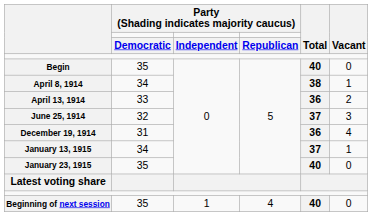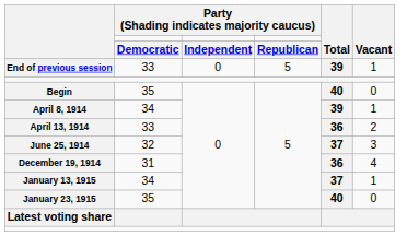 <table class=wikitable style="text-align:center">
 <tr style="vertical-align:bottom;">
 <th rowspan=3></th>
 <th colspan=3>Party <div>(Shading indicates majority caucus)</div></th>
 <th rowspan=3>Total</th>
 <th rowspan=3>Vacant</th>
 </tr>
 <tr style="height:5px">
 <td style="background-color:"></td>
 <td style="background-color:"></td>
 <td style="background-color:"></td>
 </tr>
 <tr>
 <th><a href='#'>Democratic</a></th>
 <th><a href='#'>Independent</a></th>
 <th><a href='#'>Republican</a></th>
 </tr>
 <tr>
+<th nowrap style="font-size:80%">End of <a href='#'>previous session</a></th>
+<td>33</td>
+<td>0</td>
+<td>5</td>
+<th>39</th>
+<td>1</td>
+</tr>
+<tr>
 <td colspan=6></td>
 </tr>
 <tr>
 <th style="font-size:80%">Begin</th>
 <td>35</td>
 <td rowspan=7>0</td>
 <td rowspan=7>5</td>
 <th>40</th>
 <td>0</td>
 </tr>
 <tr>
 <th style="font-size:80%">April 8, 1914 </th>
 <td>34</td>
-<th>38</th>
+<th>39</th>
 <td>1</td>
 </tr>
 <tr>
 <th style="font-size:80%">April 13, 1914 </th>
 <td>33</td>
 <th>36</th>
 <td>2</td>
 </tr>
 <tr>
 <th style="font-size:80%">June 25, 1914 </th>
 <td>32</td>
 <th>37</th>
 <td>3</td>
 </tr>
 <tr>
 <th style="font-size:80%">December 19, 1914 </th>
 <td>31</td>
 <th>36</th>
 <td>4</td>
 </tr>
 <tr>
 <th style="font-size:80%">January 13, 1915 </th>
 <td>34</td>
 <th>37</th>
 <td>1</td>
 </tr>
 <tr>
 <th style="font-size:80%">January 23, 1915 </th>
 <td>35</td>
 <th>40</th>
 <td>0</td>
 </tr>
 <tr>
 <th>Latest voting share</th>
 <th></th>
 <th colspan=2></th>
 <th colspan=2></th>
 </tr>
 <tr>
 <td colspan=6></td>
 </tr>
-<tr>
-<th style="white-space:nowrap; font-size:80%;">Beginning of <a href='#'>next session</a></th>
-<td>35</td>
-<td>1</td>
-<td>4</td>
-<th>40</th>
-<td>0</td>
-</tr>
 </table>
